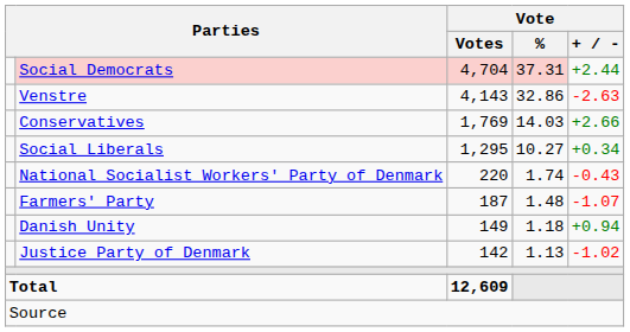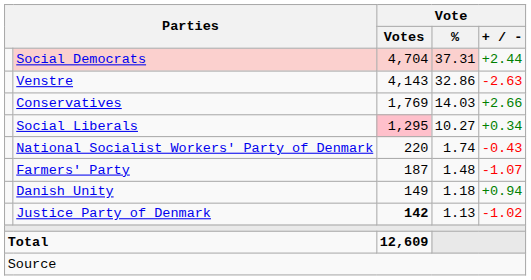 <table class="wikitable" style="text-align:right;">
 <tr>
 <th style="text-align:centre;" rowspan="2" colspan="2" width="225">Parties</th>
 <th colspan="3">Vote</th>
 </tr>
 <tr>
 <th width="15">Votes</th>
 <th width="15">%</th>
 <th width="15">+ / -</th>
 </tr>
 <tr>
 <td width="2" style="color:inherit;background:"></td>
 <td bgcolor=#fbd0ce  align="left"><a href='#'>Social Democrats</a></td>
 <td bgcolor=#fbd0ce>4,704</td>
 <td bgcolor=#fbd0ce>37.31</td>
 <td style=color:green;>+2.44</td>
 </tr>
 <tr>
 <td width="2" style="color:inherit;background:"></td>
 <td align="left"><a href='#'>Venstre</a></td>
 <td>4,143</td>
 <td>32.86</td>
 <td style=color:red;>-2.63</td>
 </tr>
 <tr>
 <td width="2" style="color:inherit;background:"></td>
 <td align="left"><a href='#'>Conservatives</a></td>
 <td>1,769</td>
 <td>14.03</td>
 <td style=color:green;>+2.66</td>
 </tr>
 <tr>
 <td width="2" style="color:inherit;background:"></td>
 <td align="left"><a href='#'>Social Liberals</a></td>
-<td>1,295</td>
+<td style="background: pink;">1,295</td>
 <td>10.27</td>
 <td style=color:green;>+0.34</td>
 </tr>
 <tr>
 <td width="2" style="color:inherit;background:"></td>
 <td align="left"><a href='#'>National Socialist Workers' Party of Denmark</a></td>
 <td>220</td>
 <td>1.74</td>
 <td style=color:red;>-0.43</td>
 </tr>
 <tr>
 <td width="2" style="color:inherit;background:"></td>
 <td align="left"><a href='#'>Farmers' Party</a></td>
 <td>187</td>
 <td>1.48</td>
 <td style=color:red;>-1.07</td>
 </tr>
 <tr>
 <td width="2" style="color:inherit;background:"></td>
 <td align="left"><a href='#'>Danish Unity</a></td>
 <td>149</td>
 <td>1.18</td>
 <td style=color:green;>+0.94</td>
 </tr>
 <tr>
 <td width="2" style="color:inherit;background:"></td>
 <td align="left"><a href='#'>Justice Party of Denmark</a></td>
-<td>142</td>
+<td><strong>142</strong></td>
 <td>1.13</td>
 <td style=color:red;>-1.02</td>
 </tr>
 <tr>
 <td colspan="7" bgcolor="#E9E9E9"></td>
 </tr>
 <tr>
 <td align="left" colspan="2"><strong>Total</strong></td>
 <td><strong>12,609</strong></td>
 <td bgcolor="#E9E9E9" colspan="2"></td>
 </tr>
 <tr>
 <td align="left" colspan="6">Source</td>
 </tr>
 </table>
